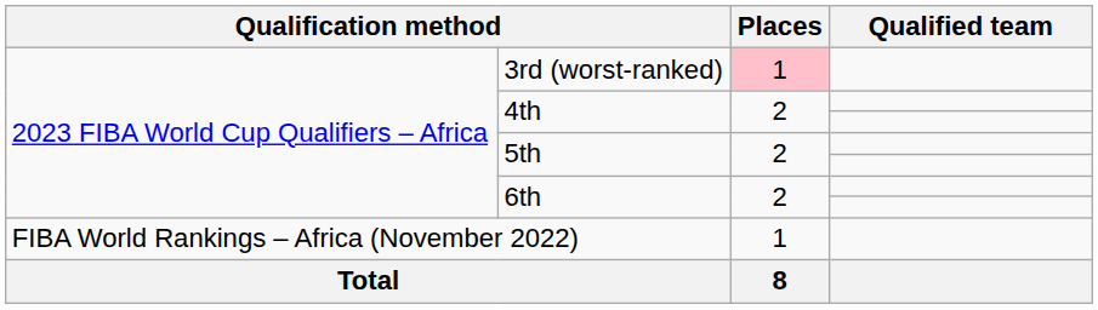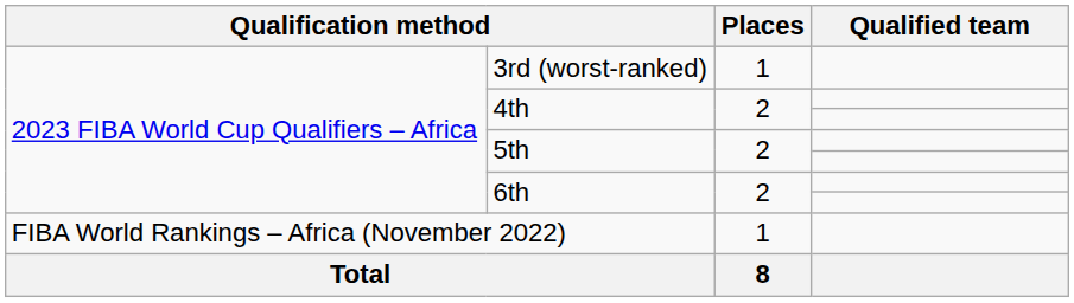 <table class="wikitable" width=650>
 <tr>
 <th colspan=2>Qualification method</th>
 <th>Places</th>
 <th width=150>Qualified team</th>
 </tr>
 <tr>
 <td rowspan=7><a href='#'>2023 FIBA World Cup Qualifiers – Africa</a></td>
 <td>3rd (worst-ranked)</td>
-<td align=center style="background: pink;">1</td>
+<td align=center>1</td>
 <td></td>
 </tr>
 <tr>
 <td rowspan=2>4th</td>
 <td rowspan=2 align=center>2</td>
 <td></td>
 </tr>
 <tr>
 <td></td>
 </tr>
 <tr>
 <td rowspan=2>5th</td>
 <td rowspan=2 align=center>2</td>
 <td></td>
 </tr>
 <tr>
 <td><s></s></td>
 </tr>
 <tr>
 <td rowspan=2>6th</td>
 <td rowspan=2 align=center>2</td>
 <td><s></s></td>
 </tr>
 <tr>
 <td></td>
 </tr>
 <tr>
 <td colspan=2>FIBA World Rankings – Africa (November 2022)</td>
 <td align=center>1</td>
 <td></td>
 </tr>
 <tr>
 <th colspan=2>Total</th>
 <th>8</th>
 <th></th>
 </tr>
 </table>
